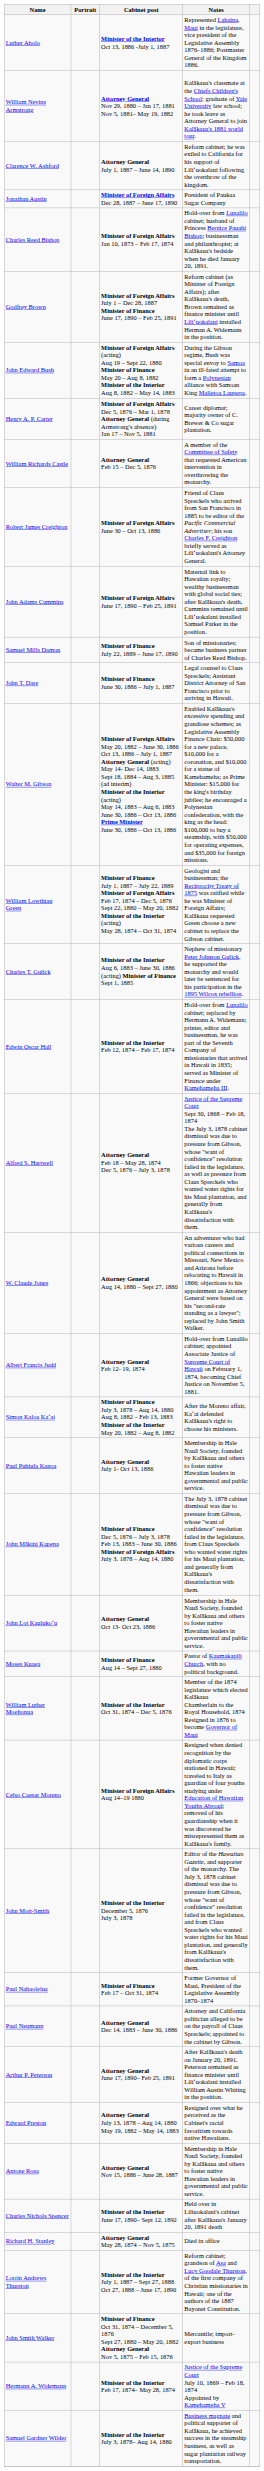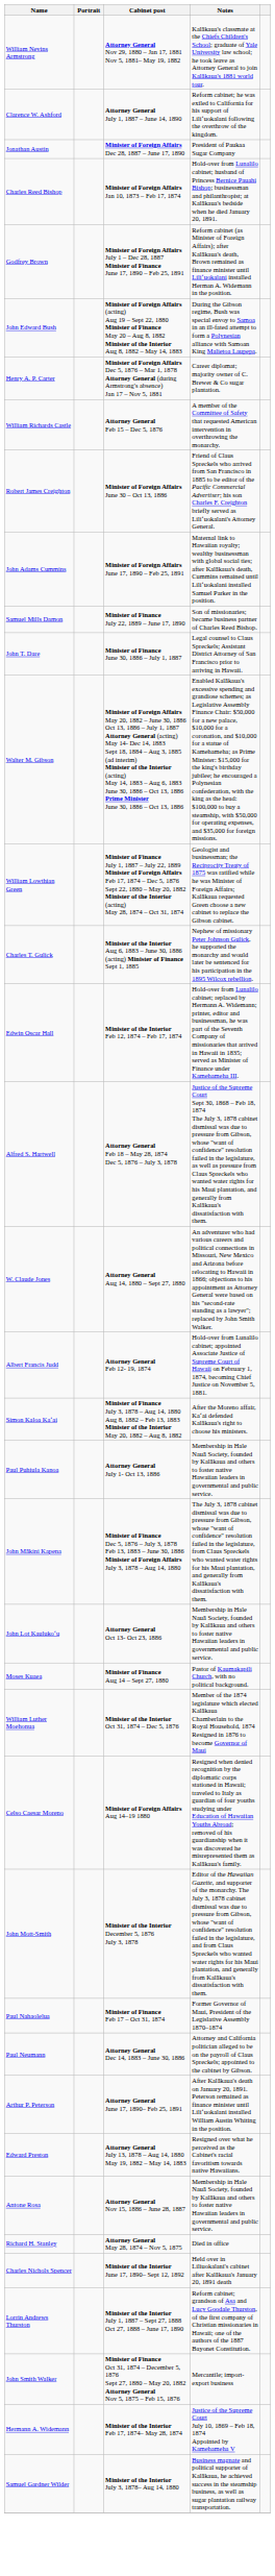 <table class="wikitable" style="font-size: 95%;">
 <tr>
 <th scope="col" align=center width =20%>Name</th>
 <th scope="col" align=center width =5%>Portrait</th>
 <th scope="col" align=center width =25%>Cabinet post</th>
 <th scope="col" align=center width =20%>Notes</th>
 <th scope="col" align=center width =3%></th>
-</tr>
-<tr>
-<td scope="row"><a href='#'>Luther Aholo</a></td>
-<td></td>
-<td><a href='#'><strong>Minister of the Interior</strong></a><br>Oct 13, 1886 -July 1, 1887</td>
-<td>Represented <a href='#'>Lahaina, Maui</a> in the legislature, vice president of the Legislative Assembly 1876–1886; Postmaster General of the Kingdom 1886.</td>
-<td align="center"></td>
 </tr>
 <tr>
 <td scope="row"><a href='#'>William Nevins Armstrong</a></td>
 <td></td>
 <td><a href='#'><strong>Attorney General</strong></a><br>Nov 29, 1880 – Jan 17, 1881<br>Nov 5, 1881– May 19, 1882</td>
 <td><br>Kalākaua's classmate at the <a href='#'>Chiefs Children's School</a>; graduate of <a href='#'>Yale University</a> law school; he took leave as Attorney General to join <a href='#'>Kalākaua's 1881 world tour</a>.</td>
 <td align="center"></td>
 </tr>
 <tr>
 <td scope="row"><a href='#'>Clarence W. Ashford</a></td>
 <td></td>
 <td><strong>Attorney General</strong><br>July 1, 1887 – June 14, 1890</td>
 <td>Reform cabinet; he was exiled to California for his support of Liliʻuokalani following the overthrow of the kingdom.</td>
 <td align="center"></td>
 </tr>
 <tr>
 <td scope="row"><a href='#'>Jonathan Austin</a></td>
 <td></td>
 <td><a href='#'><strong>Minister of Foreign Affairs</strong></a><br>Dec 28, 1887 – June 17, 1890</td>
 <td>President of Paukaa Sugar Company</td>
 <td align="center"></td>
 </tr>
 <tr>
 <td scope="row"><a href='#'>Charles Reed Bishop</a></td>
 <td></td>
 <td><strong>Minister of Foreign Affairs</strong><br>Jan 10, 1873 – Feb 17, 1874</td>
 <td>Hold-over from <a href='#'>Lunalilo</a> cabinet; husband of Princess <a href='#'>Bernice Pauahi Bishop</a>; businessman and philanthropist; at Kalākaua's bedside when he died January 20, 1891.</td>
 <td align="center"></td>
 </tr>
 <tr>
 <td scope="row"><a href='#'>Godfrey Brown</a></td>
 <td></td>
 <td><strong>Minister of Foreign Affairs</strong><br>July 1 – Dec 28, 1887<br><strong>Minister of Finance</strong><br>June 17, 1890 – Feb 25, 1891</td>
 <td>Reform cabinet (as Minister of Foreign Affairs); after Kalākaua's death, Brown remained as finance minister until <a href='#'>Liliʻuokalani</a> installed Herman A. Widemann in the position.</td>
 <td align="center"></td>
 </tr>
 <tr>
 <td scope="row"><a href='#'>John Edward Bush</a></td>
 <td></td>
 <td><strong>Minister of Foreign Affairs</strong> (acting) <br>Aug 19 – Sept 22, 1880 <br><strong>Minister of Finance</strong><br>May 20 – Aug 8, 1882<br><strong>Minister of the Interior</strong><br>Aug 8, 1882 – May 14, 1883</td>
 <td>During the Gibson regime, Bush was special envoy to <a href='#'>Samoa</a> in an ill-fated attempt to form a <a href='#'>Polynesian</a> alliance with Samoan King <a href='#'>Malietoa Laupepa</a>.</td>
 <td align="center"></td>
 </tr>
 <tr>
 <td scope="row"><a href='#'>Henry A. P. Carter</a></td>
 <td></td>
 <td><strong>Minister of Foreign Affairs</strong><br>Dec 5, 1876 – Mar 1, 1878 <br><strong>Attorney General</strong> (during Armstrong's absence)<br>Jan 17 – Nov 5, 1881</td>
 <td>Career diplomat; majority owner of C. Brewer & Co sugar plantation.</td>
 <td align="center"></td>
 </tr>
 <tr>
 <td scope="row"><a href='#'>William Richards Castle</a></td>
 <td></td>
 <td><strong>Attorney General</strong><br>Feb 15 – Dec 5, 1876</td>
 <td>A member of the <a href='#'>Committee of Safety</a> that requested American intervention in overthrowing the monarchy.</td>
 <td align="center"></td>
 </tr>
 <tr>
 <td scope="row"><a href='#'>Robert James Creighton</a></td>
 <td></td>
 <td><strong>Minister of Foreign Affairs</strong><br>June 30 – Oct 13, 1886</td>
 <td>Friend of Claus Spreckels who arrived from San Francisco in 1885 to be editor of the <em>Pacific Commercial Advertiser</em>; his son <a href='#'>Charles F. Creighton</a> briefly served as Liliʻuokalani's Attorney General.</td>
 <td align="center"></td>
 </tr>
 <tr>
 <td scope="row"><a href='#'>John Adams Cummins</a></td>
 <td></td>
 <td><strong>Minister of Foreign Affairs</strong><br>June 17, 1890 – Feb 25, 1891</td>
 <td>Maternal link to Hawaiian royalty; wealthy businessman with global social ties; after Kalākaua's death, Cummins remained until Liliʻuokalani installed Samuel Parker in the position.</td>
 <td align="center"></td>
 </tr>
 <tr>
 <td scope="row"><a href='#'>Samuel Mills Damon</a></td>
 <td></td>
 <td><strong>Minister of Finance</strong><br>July 22, 1889 – June 17, 1890</td>
 <td>Son of missionaries; became business partner of Charles Reed Bishop.</td>
 <td align="center"></td>
 </tr>
 <tr>
 <td scope="row"><a href='#'>John T. Dare</a></td>
 <td></td>
 <td><strong>Minister of Finance</strong><br>June 30, 1886 – July 1, 1887</td>
 <td>Legal counsel to Claus Spreckels; Assistant District Attorney of San Francisco prior to arriving in Hawaii.</td>
 <td align="center"></td>
 </tr>
 <tr>
 <td scope="row"><a href='#'>Walter M. Gibson</a></td>
 <td></td>
 <td><strong>Minister of Foreign Affairs</strong> <br>May 20, 1882 – June 30, 1886<br>Oct 13, 1886 – July 1, 1887 <br><strong>Attorney General</strong> (acting)<br> May 14- Dec 14, 1883<br>Sept 18, 1884 – Aug 3, 1885 (ad interim) <br> <strong>Minister of the Interior</strong> (acting)<br>May 14, 1883 – Aug 6, 1883<br>June 30, 1886 – Oct 13, 1886<br><a href='#'><strong>Prime Minister</strong></a><br>June 30, 1886 – Oct 13, 1886</td>
 <td>Enabled Kalākaua's excessive spending and grandiose schemes; as Legislative Assembly Finance Chair: $50,000 for a new palace, $10,000 for a coronation, and $10,000 for a statue of Kamehameha; as Prime Minister: $15,000 for the king's birthday jubilee; he encouraged a Polynesian confederation, with the king as the head: $100,000 to buy a steamship, with $50,000 for operating expenses, and $35,000 for foreign missions.</td>
 <td align="center"></td>
 </tr>
 <tr>
 <td scope="row"><a href='#'>William Lowthian Green</a></td>
 <td></td>
 <td><strong>Minister of Finance</strong><br>July 1, 1887 – July 22, 1889 <br><strong>Minister of Foreign Affairs</strong><br>Feb 17, 1874 – Dec 5, 1876<br>Sept 22, 1880 – May 20, 1882<br><strong>Minister of the Interior</strong> (acting)<br>May 28, 1874 – Oct 31, 1874</td>
 <td>Geologist and businessman; the <a href='#'>Reciprocity Treaty of 1875</a> was ratified while he was Minister of Foreign Affairs; Kalākaua requested Green choose a new cabinet to replace the Gibson cabinet.</td>
 <td align="center"></td>
 </tr>
 <tr>
 <td scope="row"><a href='#'>Charles T. Gulick</a></td>
 <td></td>
 <td><strong>Minister of the Interior</strong><br>Aug 6, 1883 – June 30, 1886<br>(acting) <strong>Minister of Finance</strong><br>Sept 1, 1885</td>
 <td>Nephew of missionary <a href='#'>Peter Johnson Gulick</a>, he supported the monarchy and would later be sentenced for his participation in the <a href='#'>1895 Wilcox rebellion</a>.</td>
 <td align="center"></td>
 </tr>
 <tr>
 <td scope="row"><a href='#'>Edwin Oscar Hall</a></td>
 <td></td>
 <td><strong>Minister of the Interior</strong><br>Feb 12, 1874 – Feb 17, 1874</td>
 <td>Hold-over from <a href='#'>Lunalilo</a> cabinet; replaced by Hermann A. Widemann; printer, editor and businessman, he was part of the Seventh Company of missionaries that arrived in Hawaii in 1835; served as Minister of Finance under <a href='#'>Kamehameha III</a>.</td>
 <td align="center"></td>
 </tr>
 <tr>
 <td scope="row"><a href='#'>Alfred S. Hartwell</a></td>
 <td></td>
 <td><strong>Attorney General</strong><br> Feb 18 – May 28, 1874<br> Dec 5, 1876 – July 3, 1878</td>
 <td><a href='#'>Justice of the Supreme Court</a><br>Sept 30, 1868 – Feb 18, 1874<br>The July 3, 1878 cabinet dismissal was due to pressure from Gibson, whose "want of confidence" resolution failed in the legislature, as well as pressure from Claus Spreckels who wanted water rights for his Maui plantation, and generally from Kalākaua's dissatisfaction with them.</td>
 <td align="center"></td>
 </tr>
 <tr>
 <td scope="row"><a href='#'>W. Claude Jones</a></td>
 <td></td>
 <td><strong>Attorney General</strong><br> Aug 14, 1880 – Sept 27, 1880</td>
 <td>An adventurer who had various careers and political connections in Missouri, New Mexico and Arizona before relocating to Hawaii in 1866; objections to his appointment as Attorney General were based on his "second-rate standing as a lawyer"; replaced by John Smith Walker.</td>
 <td align="center"></td>
 </tr>
 <tr>
 <td><a href='#'>Albert Francis Judd</a></td>
 <td></td>
 <td><strong>Attorney General</strong><br> Feb 12- 19, 1874</td>
 <td>Hold-over from Lunalilo cabinet; appointed Associate Justice of <a href='#'>Supreme Court of Hawaii</a> on February 1, 1874, becoming Chief Justice on November 5, 1881.</td>
 <td align="center"></td>
 </tr>
 <tr>
 <td scope="row"><a href='#'>Simon Kaloa Kaʻai</a></td>
 <td></td>
 <td><strong>Minister of Finance</strong><br>July 3, 1878 – Aug 14, 1880<br>Aug 8, 1882 – Feb 13, 1883<br><strong>Minister of the Interior</strong><br>May 20, 1882 – Aug 8, 1882</td>
 <td>After the Moreno affair, Kaʻai defended Kalākaua's right to choose his ministers.</td>
 <td align="center"></td>
 </tr>
 <tr>
 <td scope="row"><a href='#'>Paul Puhiula Kanoa</a></td>
 <td></td>
 <td><strong>Attorney General</strong><br>July 1- Oct 13, 1886</td>
 <td>Membership in Hale Nauā Society, founded by Kalākaua and others to foster native Hawaiian leaders in governmental and public service.</td>
 <td align="center"></td>
 </tr>
 <tr>
 <td scope="row"><a href='#'>John Mākini Kapena</a></td>
 <td></td>
 <td><strong>Minister of Finance</strong><br>Dec 5, 1876 – July 3, 1878<br>Feb 13, 1883 – June 30, 1886<br><strong>Minister of Foreign Affairs</strong><br>July 3, 1878 – Aug 14, 1880</td>
 <td>The July 3, 1878 cabinet dismissal was due to pressure from Gibson, whose "want of confidence" resolution failed in the legislature, from Claus Spreckels who wanted water rights for his Maui plantation, and generally from Kalākaua's dissatisfaction with them.</td>
 <td align="center"></td>
 </tr>
 <tr>
 <td scope="row"><a href='#'>John Lot Kaulukoʻu</a></td>
 <td></td>
 <td><strong>Attorney General</strong><br>Oct 13- Oct 23, 1886</td>
 <td>Membership in Hale Nauā Society, founded by Kalākaua and others to foster native Hawaiian leaders in governmental and public service.</td>
 <td align="center"></td>
 </tr>
 <tr>
 <td scope="row"><a href='#'>Moses Kuaea</a></td>
 <td></td>
 <td><strong>Minister of Finance</strong><br>Aug 14 – Sept 27, 1880</td>
 <td>Pastor of <a href='#'>Kaumakapili Church</a>, with no political background.</td>
 <td align="center"></td>
 </tr>
 <tr>
 <td scope="row"><a href='#'>William Luther Moehonua</a></td>
 <td></td>
 <td><strong>Minister of the Interior</strong><br>Oct 31, 1874 – Dec 5, 1876</td>
 <td>Member of the 1874 legislature which elected Kalākaua<br>Chamberlain to the Royal Household, 1874<br>Resigned in 1876 to become <a href='#'>Governor of Maui</a></td>
 <td align="center"></td>
 </tr>
 <tr>
 <td scope="row"><a href='#'>Celso Caesar Moreno</a></td>
 <td></td>
 <td><strong>Minister of Foreign Affairs</strong><br>Aug 14–19 1880</td>
 <td>Resigned when denied recognition by the diplomatic corps stationed in Hawaii; traveled to Italy as guardian of four youths studying under <a href='#'>Education of Hawaiian Youths Abroad</a>; removed of his guardianship when it was discovered he misrepresented them as Kalākaua's family.</td>
 <td align="center"></td>
 </tr>
 <tr>
 <td scope="row"><a href='#'>John Mott-Smith</a></td>
 <td></td>
 <td><strong>Minister of the Interior</strong><br>December 5, 1876<br>July 3, 1878</td>
 <td>Editor of the <em>Hawaiian Gazette</em>, and supporter of the monarchy. The July 3, 1878 cabinet dismissal was due to pressure from Gibson, whose "want of confidence" resolution failed in the legislature, and from Claus Spreckels who wanted water rights for his Maui plantation, and generally from Kalākaua's dissatisfaction with them.</td>
 <td align="center"></td>
 </tr>
 <tr>
 <td scope="row"><a href='#'>Paul Nahaolelua</a></td>
 <td></td>
 <td><strong>Minister of Finance</strong><br>Feb 17 – Oct 31, 1874</td>
 <td>Former Governor of Maui, President of the Legislative Assembly 1870–1874</td>
 <td align="center"></td>
 </tr>
 <tr>
 <td scope="row"><a href='#'>Paul Neumann</a></td>
 <td></td>
 <td><strong>Attorney General</strong><br> Dec 14, 1883 – June 30, 1886</td>
 <td>Attorney and California politician alleged to be on the payroll of Claus Spreckels; appointed to the cabinet by Gibson.</td>
 <td align="center"></td>
 </tr>
 <tr>
 <td scope="row"><a href='#'>Arthur P. Peterson</a></td>
 <td></td>
 <td><strong>Attorney General</strong><br> June 17, 1890– Feb 25, 1891</td>
 <td>After Kalākaua's death on January 20, 1891. Peterson remained as finance minister until Liliʻuokalani installed William Austin Whiting in the position.</td>
 <td align="center"></td>
 </tr>
 <tr>
 <td scope="row"><a href='#'>Edward Preston</a></td>
 <td></td>
 <td><strong>Attorney General</strong><br> July 13, 1878 – Aug 14, 1880<br> May 19, 1882 – May 14, 1883</td>
 <td>Resigned over what he perceived as the Cabinet's racial favoritism towards native Hawaiians.</td>
 <td align="center"></td>
 </tr>
 <tr>
 <td scope="row"><a href='#'>Antone Rosa</a></td>
 <td></td>
 <td><strong>Attorney General</strong><br>Nov 15, 1886 – June 28, 1887</td>
 <td>Membership in Hale Nauā Society, founded by Kalākaua and others to foster native Hawaiian leaders in governmental and public service.</td>
 <td align="center"></td>
 </tr>
 <tr>
+<td scope="row"><a href='#'>Richard H. Stanley</a></td>
+<td></td>
+<td><strong>Attorney General</strong><br>May 28, 1874 – Nov 5, 1875</td>
+<td>Died in office</td>
+<td align="center"></td>
+</tr>
+<tr>
 <td scope="row"><a href='#'>Charles Nichols Spencer</a></td>
 <td></td>
 <td><strong>Minister of the Interior</strong><br>June 17, 1890– Sept 12, 1892</td>
 <td>Held over in Liliuokalani's cabinet after Kalākaua's January 20, 1891 death</td>
-<td align="center"></td>
-</tr>
-<tr>
-<td scope="row"><a href='#'>Richard H. Stanley</a></td>
-<td></td>
-<td><strong>Attorney General</strong><br>May 28, 1874 – Nov 5, 1875</td>
-<td>Died in office</td>
 <td align="center"></td>
 </tr>
 <tr>
 <td scope="row"><a href='#'>Lorrin Andrews Thurston</a></td>
 <td></td>
 <td><strong>Minister of the Interior</strong><br>July 1, 1887 – Sept 27, 1888<br>Oct 27, 1888 – June 17, 1890</td>
 <td>Reform cabinet; grandson of <a href='#'>Asa</a> and <a href='#'>Lucy Goodale Thurston</a>, of the first company of Christian missionaries in Hawaii; one of the authors of the 1887 Bayonet Constitution.</td>
 <td align="center"></td>
 </tr>
 <tr>
 <td scope="row"><a href='#'>John Smith Walker</a></td>
 <td></td>
 <td><strong>Minister of Finance</strong><br>Oct 31, 1874 – December 5, 1876<br>Sept 27, 1880 – May 20, 1882<br><strong>Attorney General</strong><br> Nov 5, 1875 – Feb 15, 1876</td>
 <td>Mercantile; import-export business</td>
 <td align="center"></td>
 </tr>
 <tr>
 <td scope="row"><a href='#'>Hermann A. Widemann</a></td>
 <td></td>
 <td><strong>Minister of the Interior</strong><br>Feb 17, 1874– May 28, 1874</td>
 <td><a href='#'>Justice of the Supreme Court</a><br>July 10, 1869 – Feb 18, 1874<br>Appointed by <a href='#'>Kamehameha V</a><br></td>
 <td align="center"></td>
 </tr>
 <tr>
 <td scope="row"><a href='#'>Samuel Gardner Wilder</a></td>
 <td></td>
 <td><strong>Minister of the Interior</strong><br> July 3, 1878– Aug 14, 1880</td>
 <td><a href='#'>Business magnate</a> and political supporter of Kalākaua, he achieved success in the steamship business, as well as sugar plantation railway transportation.</td>
 <td align="center"></td>
 </tr>
 <tr>
 </tr>
 </table>
